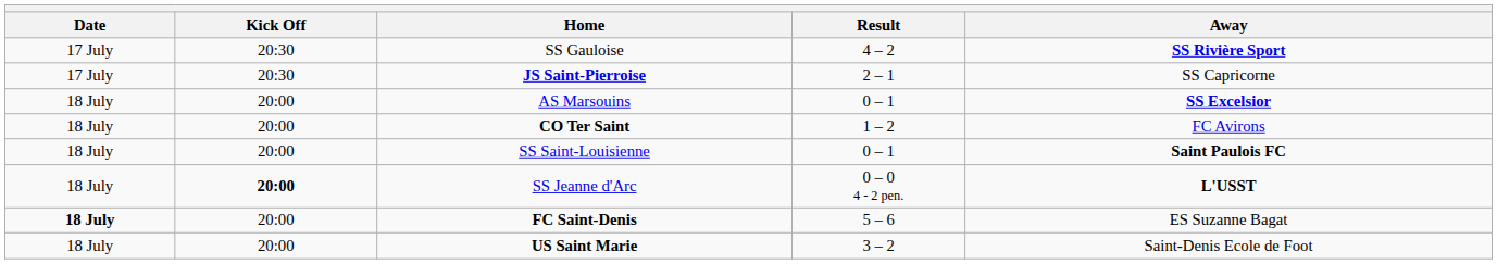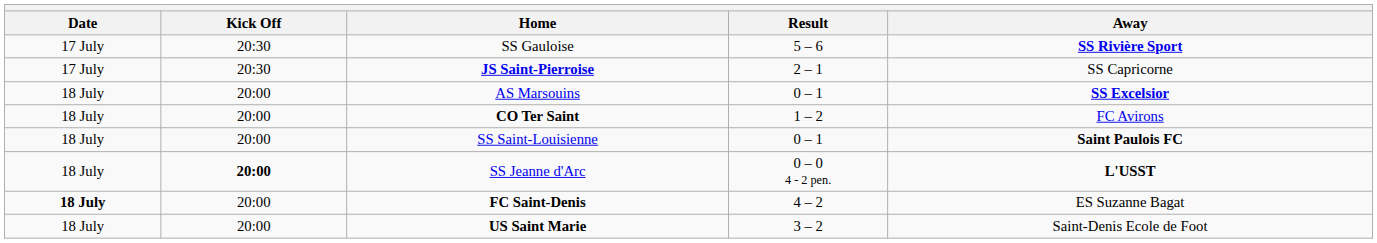 <table class="wikitable collapsible collapsed" style="font-size: 100%; margin:0px;" width="75%">
 <tr>
 <th colspan="7" style="text-align:left;"></th>
 </tr>
 <tr>
 <th><strong>Date</strong></th>
 <th><strong>Kick Off</strong></th>
 <th><strong>Home</strong></th>
 <th><strong>Result</strong></th>
 <th><strong>Away</strong></th>
 </tr>
 <tr>
 <td align=center>17 July</td>
 <td align=center>20:30</td>
 <td align=center>SS Gauloise</td>
-<td align=center>4 – 2</td>
+<td align=center>5 – 6</td>
 <td align=center><strong><a href='#'>SS Rivière Sport</a></strong></td>
 </tr>
 <tr>
 <td align=center>17 July</td>
 <td align=center>20:30</td>
 <td align=center><strong><a href='#'>JS Saint-Pierroise</a></strong></td>
 <td align=center>2 – 1</td>
 <td align=center>SS Capricorne</td>
 </tr>
 <tr>
 <td align=center>18 July</td>
 <td align=center>20:00</td>
 <td align=center><a href='#'>AS Marsouins</a></td>
 <td align=center>0 – 1</td>
 <td align=center><strong><a href='#'>SS Excelsior</a></strong></td>
 </tr>
 <tr>
 <td align=center>18 July</td>
 <td align=center>20:00</td>
 <td align=center><strong>CO Ter Saint</strong></td>
 <td align=center>1 – 2</td>
 <td align=center><a href='#'>FC Avirons</a></td>
 </tr>
 <tr>
 <td align=center>18 July</td>
 <td align=center>20:00</td>
 <td align=center><a href='#'>SS Saint-Louisienne</a></td>
 <td align=center>0 – 1</td>
 <td align=center><strong>Saint Paulois FC</strong></td>
 </tr>
 <tr>
 <td align=center>18 July</td>
 <td align=center><strong>20:00</strong></td>
 <td align=center><a href='#'>SS Jeanne d'Arc</a></td>
 <td align=center>0 – 0 <br> <small> 4 - 2 pen. </small></td>
 <td align=center><strong>L'USST</strong></td>
 </tr>
 <tr>
 <td align=center><strong>18 July</strong></td>
 <td align=center>20:00</td>
 <td align=center><strong>FC Saint-Denis</strong></td>
-<td align=center>5 – 6</td>
+<td align=center>4 – 2</td>
 <td align=center>ES Suzanne Bagat</td>
 </tr>
 <tr>
 <td align=center>18 July</td>
 <td align=center>20:00</td>
 <td align=center><strong>US Saint Marie</strong></td>
 <td align=center>3 – 2</td>
 <td align=center>Saint-Denis Ecole de Foot</td>
 </tr>
 </table>
